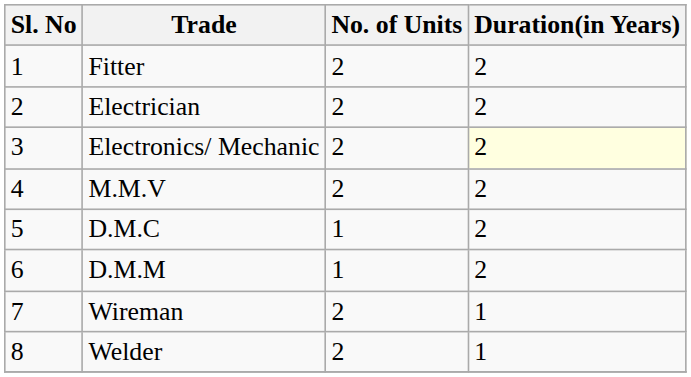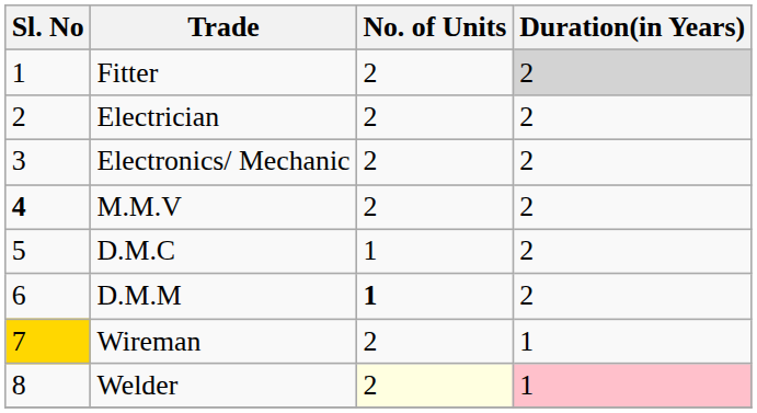 <table class="wikitable sortable">
 <tr>
 <th>Sl. No</th>
 <th>Trade</th>
 <th>No. of Units</th>
 <th>Duration(in Years)</th>
 </tr>
 <tr>
 <td>1</td>
 <td>Fitter</td>
 <td>2</td>
-<td>2</td>
+<td style="background: lightgrey;">2</td>
 </tr>
 <tr>
 <td>2</td>
 <td>Electrician</td>
 <td>2</td>
 <td>2</td>
 </tr>
 <tr>
 <td>3</td>
 <td>Electronics/ Mechanic</td>
 <td>2</td>
-<td style="background: lightyellow;">2</td>
+<td>2</td>
 </tr>
 <tr>
-<td>4</td>
+<td><strong>4</strong></td>
 <td>M.M.V</td>
 <td>2</td>
 <td>2</td>
 </tr>
 <tr>
 <td>5</td>
 <td>D.M.C</td>
 <td>1</td>
 <td>2</td>
 </tr>
 <tr>
 <td>6</td>
 <td>D.M.M</td>
-<td>1</td>
+<td><strong>1</strong></td>
 <td>2</td>
 </tr>
 <tr>
-<td>7</td>
+<td style="background: gold;">7</td>
 <td>Wireman</td>
 <td>2</td>
 <td>1</td>
 </tr>
 <tr>
 <td>8</td>
 <td>Welder</td>
-<td>2</td>
-<td>1</td>
+<td style="background: lightyellow;">2</td>
+<td style="background: pink;">1</td>
 </tr>
 <tr>
 </tr>
 </table>
